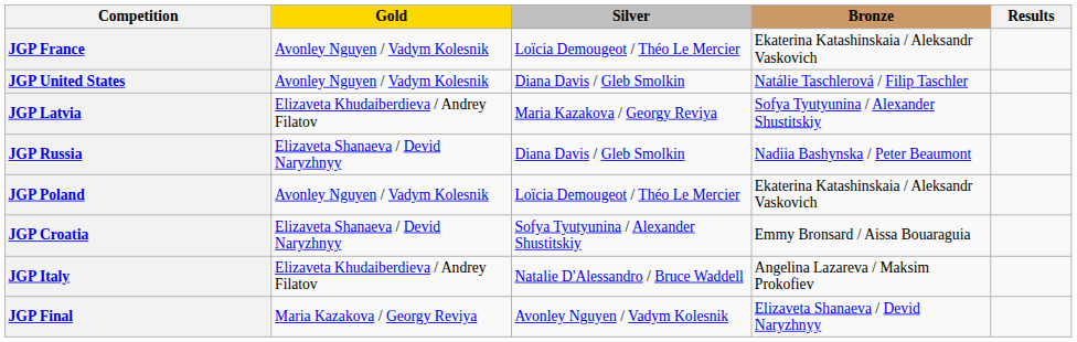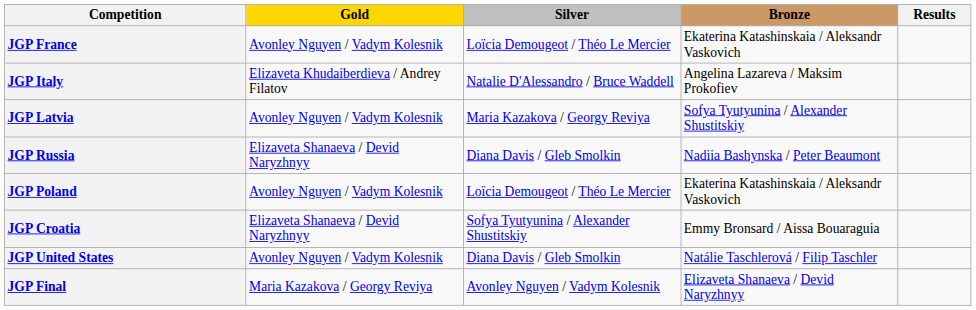 <table class="wikitable unsortable" style="text-align:left; width:90%;">
 <tr>
 <th scope="col" style="text-align:center; width:25%;">Competition</th>
 <td scope="col" style="text-align:center; width:22.5%; background:gold"><strong>Gold</strong></td>
 <td scope="col" style="text-align:center; width:22.5%; background:silver"><strong>Silver</strong></td>
 <td scope="col" style="text-align:center; width:22.5%; background:#c96"><strong>Bronze</strong></td>
 <th scope="col" style="text-align:center; width:7.5%;">Results</th>
 </tr>
 <tr>
 <th scope="row" style="text-align:left"> <a href='#'>JGP France</a></th>
 <td> <a href='#'>Avonley Nguyen</a> / <a href='#'>Vadym Kolesnik</a></td>
 <td> <a href='#'>Loïcia Demougeot</a> / <a href='#'>Théo Le Mercier</a></td>
 <td> Ekaterina Katashinskaia / Aleksandr Vaskovich</td>
 <td></td>
 </tr>
 <tr>
-<th scope="row" style="text-align:left"> <a href='#'>JGP United States</a></th>
-<td> <a href='#'>Avonley Nguyen</a> / <a href='#'>Vadym Kolesnik</a></td>
-<td> <a href='#'>Diana Davis</a> / <a href='#'>Gleb Smolkin</a></td>
-<td> <a href='#'>Natálie Taschlerová</a> / <a href='#'>Filip Taschler</a></td>
+<th scope="row" style="text-align:left"> <a href='#'>JGP Italy</a></th>
+<td> <a href='#'>Elizaveta Khudaiberdieva</a> / Andrey Filatov</td>
+<td> <a href='#'>Natalie D'Alessandro</a> / <a href='#'>Bruce Waddell</a></td>
+<td> Angelina Lazareva / Maksim Prokofiev</td>
 <td></td>
 </tr>
 <tr>
 <th scope="row" style="text-align:left"> <a href='#'>JGP Latvia</a></th>
-<td> <a href='#'>Elizaveta Khudaiberdieva</a> / Andrey Filatov</td>
+<td> <a href='#'>Avonley Nguyen</a> / <a href='#'>Vadym Kolesnik</a></td>
 <td> <a href='#'>Maria Kazakova</a> / <a href='#'>Georgy Reviya</a></td>
 <td> <a href='#'>Sofya Tyutyunina</a> / <a href='#'>Alexander Shustitskiy</a></td>
 <td></td>
 </tr>
 <tr>
 <th scope="row" style="text-align:left"> <a href='#'>JGP Russia</a></th>
 <td> <a href='#'>Elizaveta Shanaeva</a> / <a href='#'>Devid Naryzhnyy</a></td>
 <td> <a href='#'>Diana Davis</a> / <a href='#'>Gleb Smolkin</a></td>
 <td> <a href='#'>Nadiia Bashynska</a> / <a href='#'>Peter Beaumont</a></td>
 <td></td>
 </tr>
 <tr>
 <th scope="row" style="text-align:left"> <a href='#'>JGP Poland</a></th>
 <td> <a href='#'>Avonley Nguyen</a> / <a href='#'>Vadym Kolesnik</a></td>
 <td> <a href='#'>Loïcia Demougeot</a> / <a href='#'>Théo Le Mercier</a></td>
 <td> Ekaterina Katashinskaia / Aleksandr Vaskovich</td>
 <td></td>
 </tr>
 <tr>
 <th scope="row" style="text-align:left"> <a href='#'>JGP Croatia</a></th>
 <td> <a href='#'>Elizaveta Shanaeva</a> / <a href='#'>Devid Naryzhnyy</a></td>
 <td> <a href='#'>Sofya Tyutyunina</a> / <a href='#'>Alexander Shustitskiy</a></td>
 <td> Emmy Bronsard / Aissa Bouaraguia</td>
 <td></td>
 </tr>
 <tr>
-<th scope="row" style="text-align:left"> <a href='#'>JGP Italy</a></th>
-<td> <a href='#'>Elizaveta Khudaiberdieva</a> / Andrey Filatov</td>
-<td> <a href='#'>Natalie D'Alessandro</a> / <a href='#'>Bruce Waddell</a></td>
-<td> Angelina Lazareva / Maksim Prokofiev</td>
+<th scope="row" style="text-align:left"> <a href='#'>JGP United States</a></th>
+<td> <a href='#'>Avonley Nguyen</a> / <a href='#'>Vadym Kolesnik</a></td>
+<td> <a href='#'>Diana Davis</a> / <a href='#'>Gleb Smolkin</a></td>
+<td> <a href='#'>Natálie Taschlerová</a> / <a href='#'>Filip Taschler</a></td>
 <td></td>
 </tr>
 <tr>
 <th scope="row" style="text-align:left"> <a href='#'>JGP Final</a></th>
 <td> <a href='#'>Maria Kazakova</a> / <a href='#'>Georgy Reviya</a></td>
 <td> <a href='#'>Avonley Nguyen</a> / <a href='#'>Vadym Kolesnik</a></td>
 <td> <a href='#'>Elizaveta Shanaeva</a> / <a href='#'>Devid Naryzhnyy</a></td>
 <td></td>
 </tr>
 </table>
